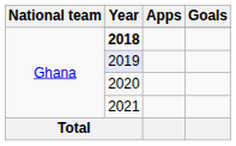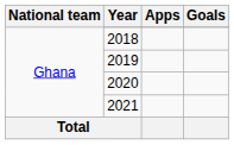 <table class="wikitable" style="text-align:center">
 <tr>
 <th>National team</th>
 <th>Year</th>
 <th>Apps</th>
 <th>Goals</th>
 </tr>
 <tr>
 <td rowspan="5"><a href='#'>Ghana</a></td>
 </tr>
 <tr>
-<td><strong>2018</strong></td>
+<td>2018</td>
 <td></td>
 <td></td>
 </tr>
 <tr>
-<td style="background: lavender;">2019</td>
+<td>2019</td>
 <td></td>
 <td></td>
 </tr>
 <tr>
 <td>2020</td>
 <td></td>
 <td></td>
 </tr>
 <tr>
 <td>2021</td>
 <td></td>
 <td></td>
 </tr>
 <tr>
 <th colspan="2">Total</th>
 <th></th>
 <th></th>
 </tr>
 </table>
